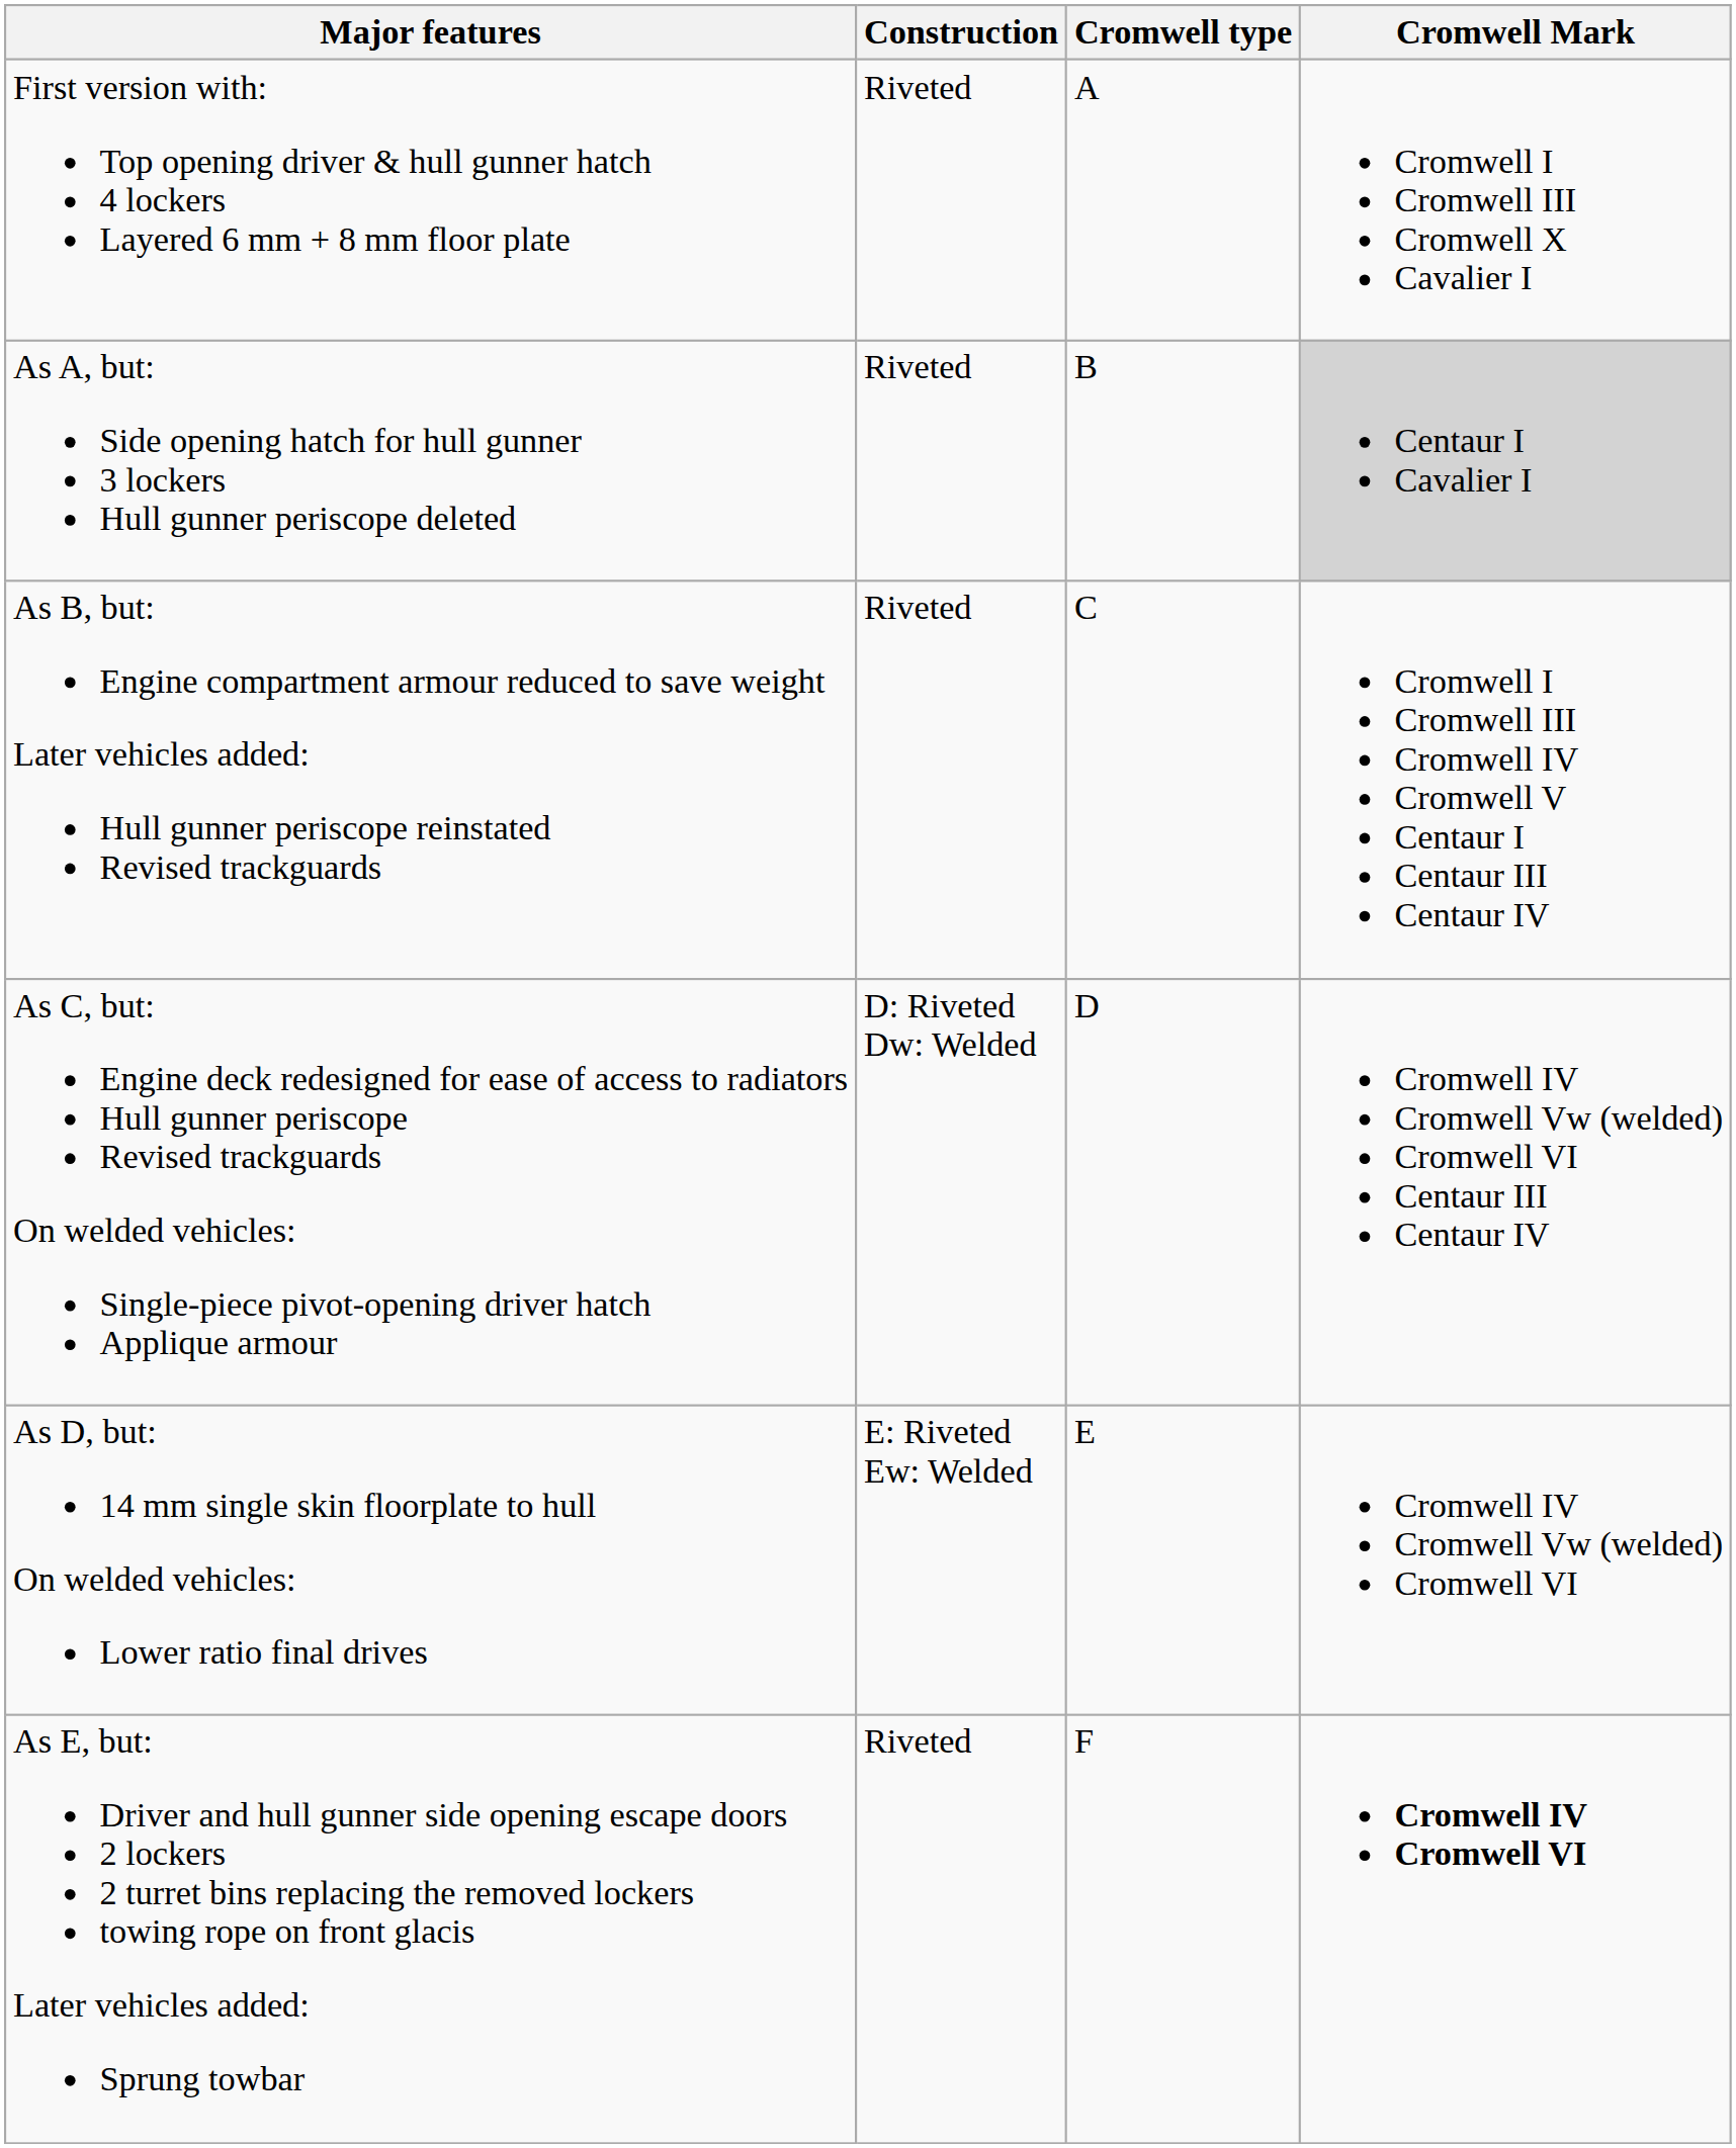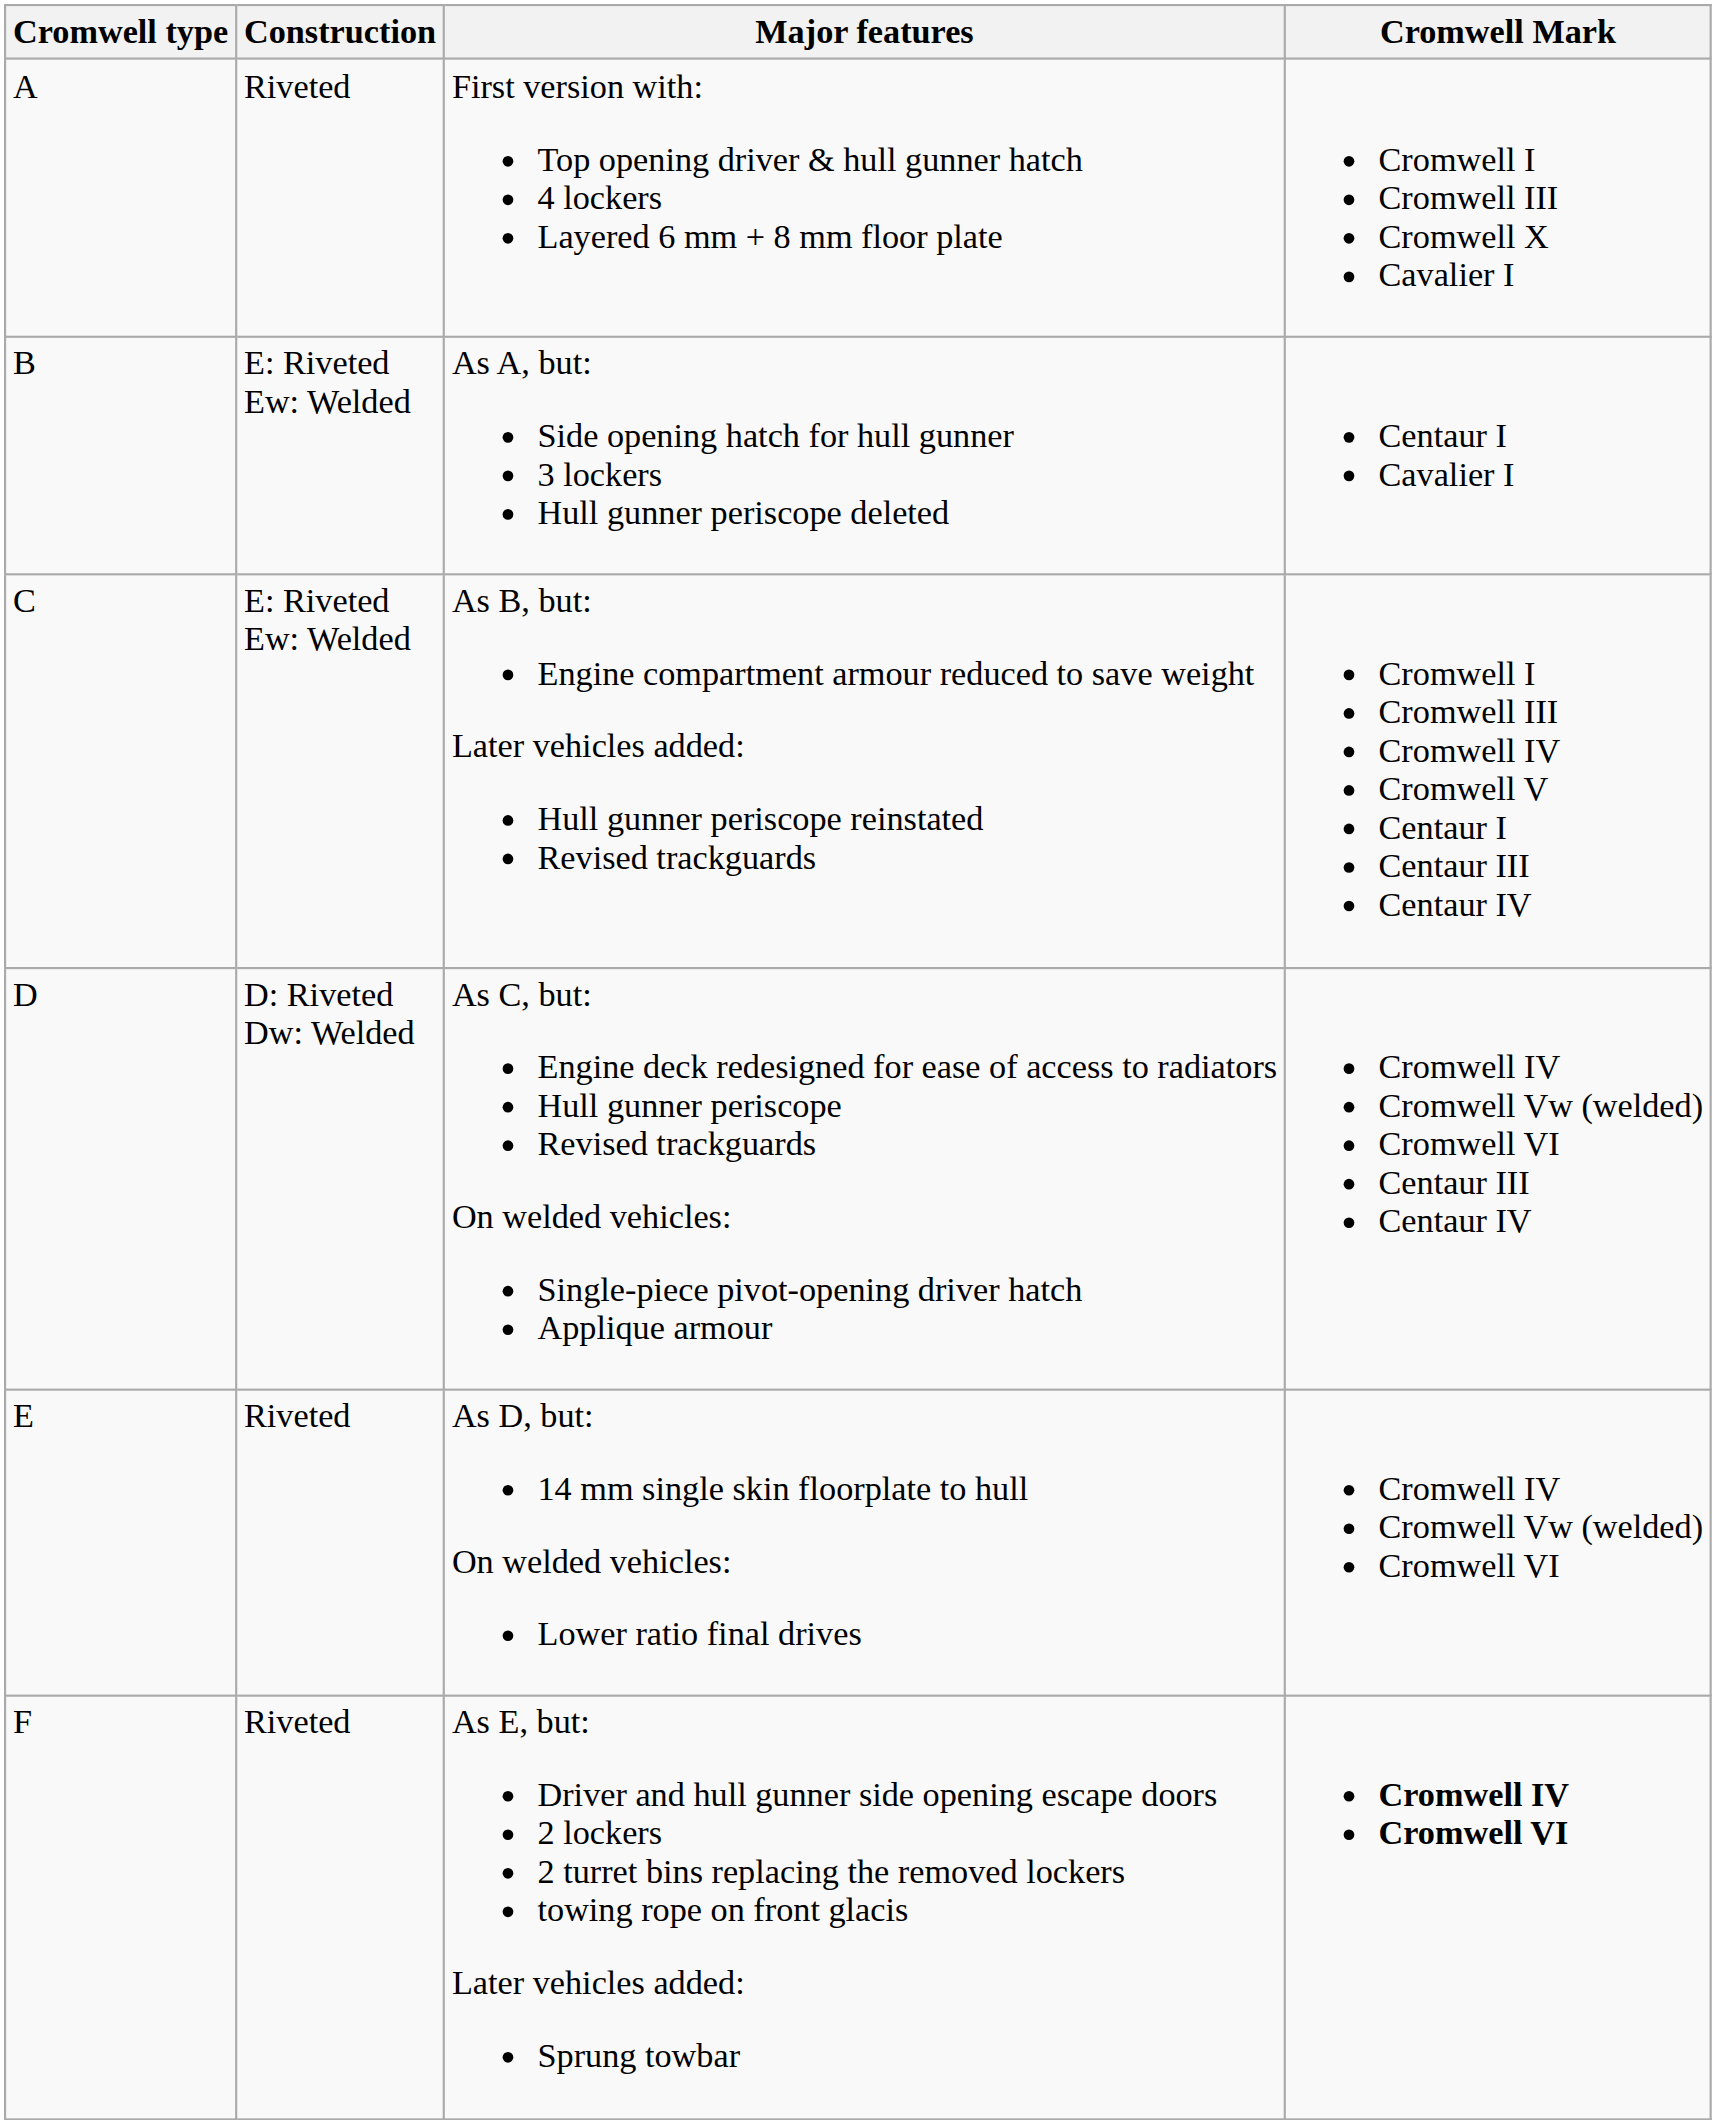 <table class="wikitable">
 <tr>
+<th>Cromwell type</th>
+<th>Construction</th>
 <th>Major features</th>
-<th>Construction</th>
-<th>Cromwell type</th>
 <th>Cromwell Mark</th>
 </tr>
 <tr valign=top>
+<td>A</td>
+<td>Riveted</td>
 <td>First version with:<br><ul><li>Top opening driver & hull gunner hatch</li><li>4 lockers</li><li>Layered 6 mm + 8 mm floor plate</li></ul></td>
-<td>Riveted</td>
-<td>A</td>
 <td><br><ul><li>Cromwell I</li><li>Cromwell III</li><li>Cromwell X</li><li>Cavalier I</li></ul></td>
 </tr>
 <tr valign=top>
+<td>B</td>
+<td>E: Riveted<br>Ew: Welded</td>
 <td>As A, but:<br><ul><li>Side opening hatch for hull gunner</li><li>3 lockers</li><li>Hull gunner periscope deleted</li></ul></td>
-<td>Riveted</td>
-<td>B</td>
-<td style="background: lightgrey;"><br><ul><li>Centaur I</li><li>Cavalier I</li></ul></td>
+<td><br><ul><li>Centaur I</li><li>Cavalier I</li></ul></td>
 </tr>
 <tr valign=top>
+<td>C</td>
+<td>E: Riveted<br>Ew: Welded</td>
 <td>As B, but:<br><ul><li>Engine compartment armour reduced to save weight</li></ul>Later vehicles added:<ul><li>Hull gunner periscope reinstated</li><li>Revised trackguards</li></ul></td>
-<td>Riveted</td>
-<td>C</td>
 <td><br><ul><li>Cromwell I</li><li>Cromwell III</li><li>Cromwell IV</li><li>Cromwell V</li><li>Centaur I</li><li>Centaur III</li><li>Centaur IV</li></ul></td>
 </tr>
 <tr valign=top>
+<td>D</td>
+<td>D: Riveted<br>Dw: Welded</td>
 <td>As C, but:<br><ul><li>Engine deck redesigned for ease of access to radiators</li><li>Hull gunner periscope</li><li>Revised trackguards</li></ul>On welded vehicles:<ul><li>Single-piece pivot-opening driver hatch</li><li>Applique armour</li></ul></td>
-<td>D: Riveted<br>Dw: Welded</td>
-<td>D</td>
 <td><br><ul><li>Cromwell IV</li><li>Cromwell Vw (welded)</li><li>Cromwell VI</li><li>Centaur III</li><li>Centaur IV</li></ul></td>
 </tr>
 <tr valign=top>
+<td>E</td>
+<td>Riveted</td>
 <td>As D, but:<br><ul><li>14 mm single skin floorplate to hull</li></ul>On welded vehicles:<ul><li>Lower ratio final drives</li></ul></td>
-<td>E: Riveted<br>Ew: Welded</td>
-<td>E</td>
 <td><br><ul><li>Cromwell IV</li><li>Cromwell Vw (welded)</li><li>Cromwell VI</li></ul></td>
 </tr>
 <tr valign=top>
+<td>F</td>
+<td>Riveted</td>
 <td>As E, but:<br><ul><li>Driver and hull gunner side opening escape doors</li><li>2 lockers</li><li>2 turret bins replacing the removed lockers</li><li>towing rope on front glacis</li></ul>Later vehicles added:<ul><li>Sprung towbar</li></ul></td>
-<td>Riveted</td>
-<td>F</td>
 <td><strong><br><ul><li>Cromwell IV</li><li>Cromwell VI</li></ul></strong></td>
 </tr>
 </table>
